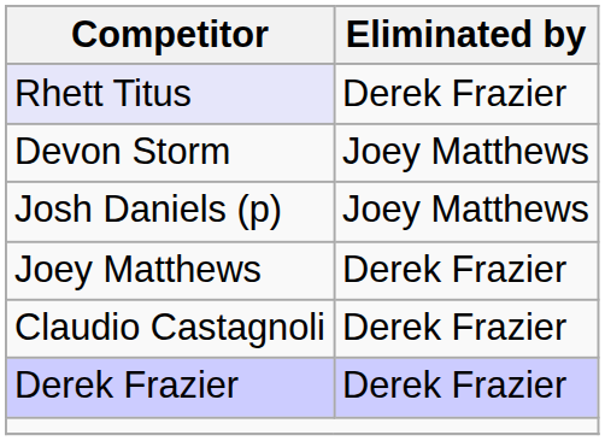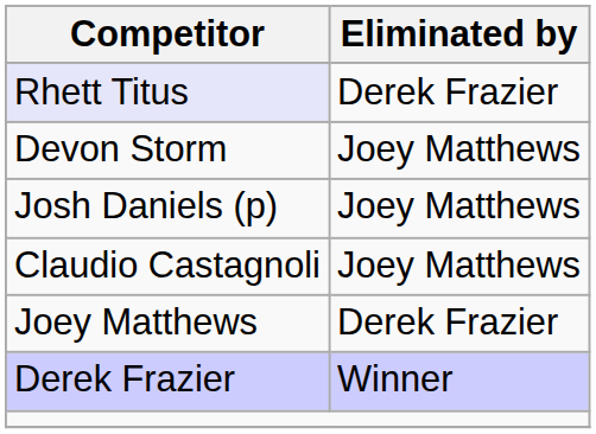 <table class="wikitable">
 <tr>
 <th>Competitor</th>
 <th>Eliminated by</th>
 </tr>
 <tr>
 <td style="background: lavender;">Rhett Titus</td>
 <td>Derek Frazier</td>
 </tr>
 <tr>
 <td>Devon Storm</td>
 <td>Joey Matthews</td>
 </tr>
 <tr>
 <td>Josh Daniels (p)</td>
 <td>Joey Matthews</td>
 </tr>
 <tr>
+<td>Claudio Castagnoli</td>
 <td>Joey Matthews</td>
-<td>Derek Frazier</td>
 </tr>
 <tr>
-<td>Claudio Castagnoli</td>
+<td>Joey Matthews</td>
 <td>Derek Frazier</td>
 </tr>
 <tr style="background: #CCCCFF;">
 <td>Derek Frazier</td>
-<td>Derek Frazier</td>
+<td>Winner</td>
 </tr>
 <tr>
 <td colspan="2"></td>
 </tr>
 <tr>
 </tr>
 </table>
